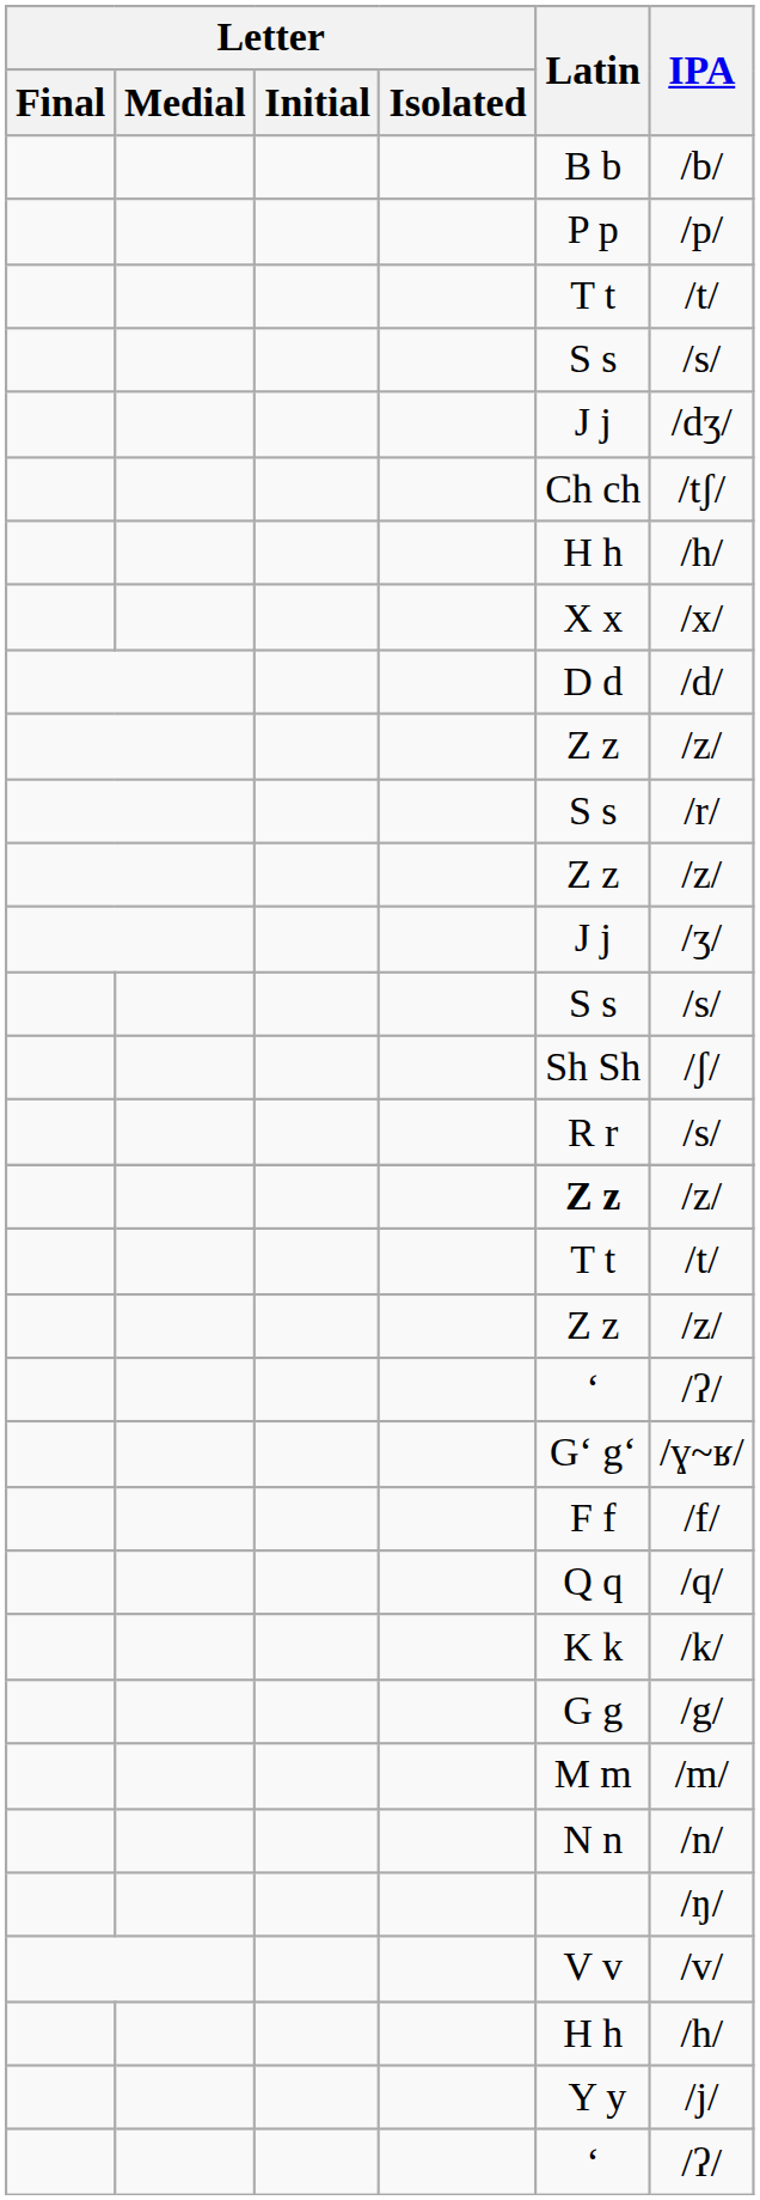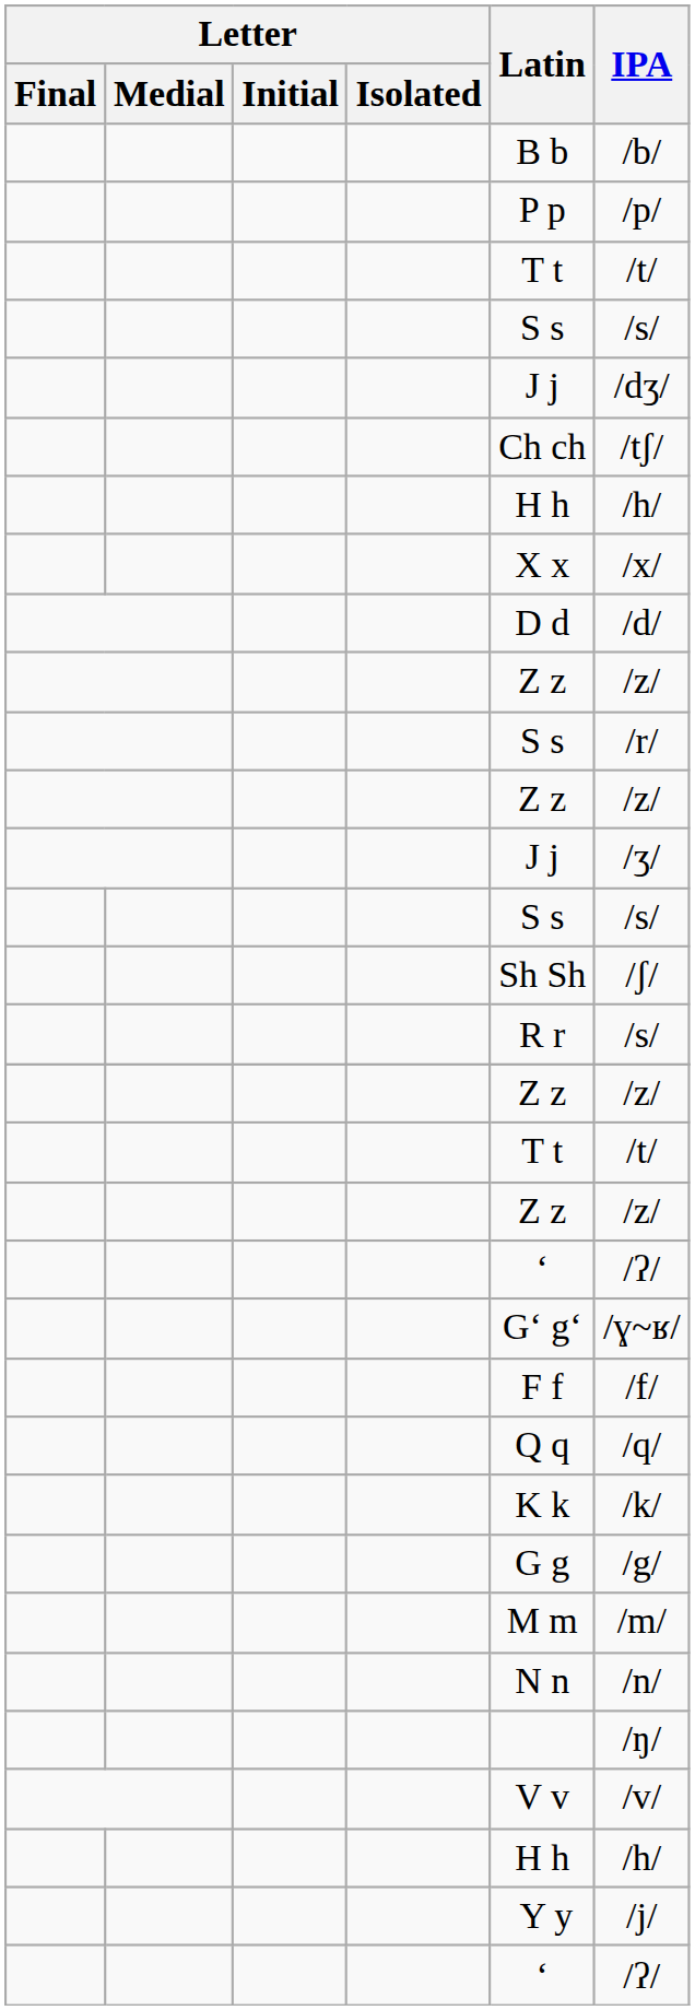 <table class="wikitable" style="text-align:center;">
 <tr>
 <th colspan=4>Letter</th>
 <th rowspan=2>Latin</th>
 <th rowspan=2><a href='#'>IPA</a></th>
 </tr>
 <tr>
 <th>Final</th>
 <th>Medial</th>
 <th>Initial</th>
 <th>Isolated</th>
 </tr>
 <tr>
 <td><span></span></td>
 <td><span></span></td>
 <td><span></span></td>
 <td><span></span></td>
 <td>B b</td>
 <td>/b/</td>
 </tr>
 <tr>
 <td><span></span></td>
 <td><span></span></td>
 <td><span></span></td>
 <td><span></span></td>
 <td>P p</td>
 <td>/p/</td>
 </tr>
 <tr>
 <td><span></span></td>
 <td><span></span></td>
 <td><span></span></td>
 <td><span></span></td>
 <td>T t</td>
 <td>/t/</td>
 </tr>
 <tr>
 <td><span></span></td>
 <td><span></span></td>
 <td><span></span></td>
 <td><span></span></td>
 <td>S s</td>
 <td>/s/</td>
 </tr>
 <tr>
 <td><span></span></td>
 <td><span></span></td>
 <td><span></span></td>
 <td><span></span></td>
 <td>J j</td>
 <td>/dʒ/</td>
 </tr>
 <tr>
 <td><span></span></td>
 <td><span></span></td>
 <td><span></span></td>
 <td><span></span></td>
 <td>Ch ch</td>
 <td>/tʃ/</td>
 </tr>
 <tr>
 <td><span></span></td>
 <td><span></span></td>
 <td><span></span></td>
 <td><span></span></td>
 <td>H h</td>
 <td>/h/</td>
 </tr>
 <tr>
 <td><span></span></td>
 <td><span></span></td>
 <td><span></span></td>
 <td><span></span></td>
 <td>X x</td>
 <td>/x/</td>
 </tr>
 <tr>
 <td colspan=2><span></span></td>
 <td><span></span></td>
 <td><span></span></td>
 <td>D d</td>
 <td>/d/</td>
 </tr>
 <tr>
 <td colspan=2><span></span></td>
 <td><span></span></td>
 <td><span></span></td>
 <td>Z z</td>
 <td>/z/</td>
 </tr>
 <tr>
 <td colspan=2><span></span></td>
 <td><span></span></td>
 <td><span></span></td>
 <td>S s</td>
 <td>/r/</td>
 </tr>
 <tr>
 <td colspan=2><span></span></td>
 <td><span></span></td>
 <td><span></span></td>
 <td>Z z</td>
 <td>/z/</td>
 </tr>
 <tr>
 <td colspan=2><span></span></td>
 <td><span></span></td>
 <td><span></span></td>
 <td>J j</td>
 <td>/ʒ/</td>
 </tr>
 <tr>
 <td><span></span></td>
 <td><span></span></td>
 <td><span></span></td>
 <td><span></span></td>
 <td>S s</td>
 <td>/s/</td>
 </tr>
 <tr>
 <td><span></span></td>
 <td><span></span></td>
 <td><span></span></td>
 <td><span></span></td>
 <td>Sh Sh</td>
 <td>/ʃ/</td>
 </tr>
 <tr>
 <td><span></span></td>
 <td><span></span></td>
 <td><span></span></td>
 <td><span></span></td>
 <td>R r</td>
 <td>/s/</td>
 </tr>
 <tr>
 </tr>
 <tr>
 <td><span></span></td>
 <td><span></span></td>
 <td><span></span></td>
 <td><span></span></td>
-<td><strong>Z z</strong></td>
+<td>Z z</td>
 <td>/z/</td>
 </tr>
 <tr>
 <td><span></span></td>
 <td><span></span></td>
 <td><span></span></td>
 <td><span></span></td>
 <td>T t</td>
 <td>/t/</td>
 </tr>
 <tr>
 <td><span></span></td>
 <td><span></span></td>
 <td><span></span></td>
 <td><span></span></td>
 <td>Z z</td>
 <td>/z/</td>
 </tr>
 <tr>
 <td><span></span></td>
 <td><span></span></td>
 <td><span></span></td>
 <td><span></span></td>
 <td>ʻ</td>
 <td>/ʔ/</td>
 </tr>
 <tr>
 <td><span></span></td>
 <td><span></span></td>
 <td><span></span></td>
 <td><span></span></td>
 <td>Gʻ gʻ</td>
 <td>/ɣ~ʁ/</td>
 </tr>
 <tr>
 <td><span></span></td>
 <td><span></span></td>
 <td><span></span></td>
 <td><span></span></td>
 <td>F f</td>
 <td>/f/</td>
 </tr>
 <tr>
 <td><span></span></td>
 <td><span></span></td>
 <td><span></span></td>
 <td><span></span></td>
 <td>Q q</td>
 <td>/q/</td>
 </tr>
 <tr>
 <td><span></span></td>
 <td><span></span></td>
 <td><span></span></td>
 <td><span></span></td>
 <td>K k</td>
 <td>/k/</td>
 </tr>
 <tr>
 <td><span></span></td>
 <td><span></span></td>
 <td><span></span></td>
 <td><span></span></td>
 <td>G g</td>
 <td>/g/</td>
 </tr>
 <tr>
 <td><span></span></td>
 <td><span></span></td>
 <td><span></span></td>
 <td><span></span></td>
 <td>M m</td>
 <td>/m/</td>
 </tr>
 <tr>
 <td><span></span></td>
 <td><span></span></td>
 <td><span></span></td>
 <td><span></span></td>
 <td>N n</td>
 <td>/n/</td>
 </tr>
 <tr>
 <td><span></span></td>
 <td><span></span></td>
 <td><span></span></td>
 <td><span></span></td>
 <td></td>
 <td>/ŋ/</td>
 </tr>
 <tr>
 <td colspan=2><span></span></td>
 <td><span></span></td>
 <td><span></span></td>
 <td>V v</td>
 <td>/v/</td>
 </tr>
 <tr>
 <td><span></span></td>
 <td><span></span></td>
 <td><span></span></td>
 <td><span></span></td>
 <td>H h</td>
 <td>/h/</td>
 </tr>
 <tr>
 <td><span></span></td>
 <td><span></span></td>
 <td><span></span></td>
 <td><span></span></td>
 <td>‌ Y y</td>
 <td>/j/</td>
 </tr>
 <tr>
 <td><span></span></td>
 <td><span></span></td>
 <td><span></span></td>
 <td><span></span></td>
 <td>ʻ</td>
 <td>/ʔ/</td>
 </tr>
 </table>
